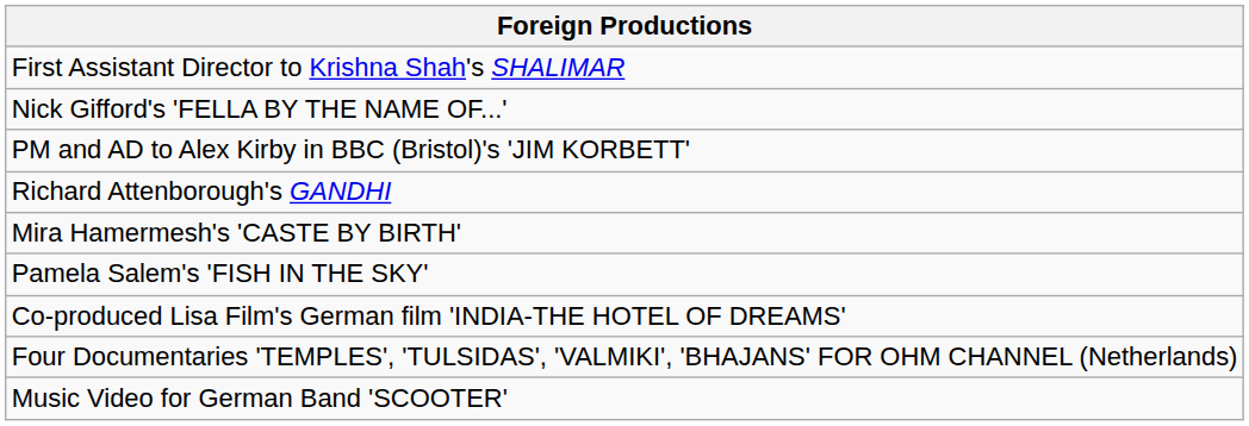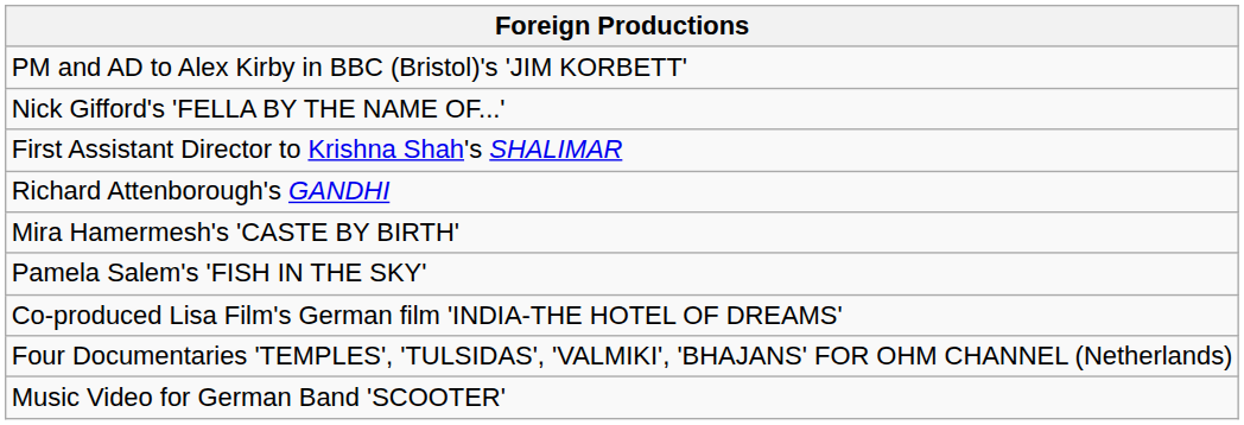 <table class="wikitable">
 <tr>
 <th><strong>Foreign Productions</strong></th>
 </tr>
 <tr>
-<td>First Assistant Director to <a href='#'>Krishna Shah</a>'s <em><a href='#'>SHALIMAR</a></em></td>
+<td>PM and AD to Alex Kirby in BBC (Bristol)'s 'JIM KORBETT'</td>
 </tr>
 <tr>
 <td>Nick Gifford's 'FELLA BY THE NAME OF...'</td>
 </tr>
 <tr>
-<td>PM and AD to Alex Kirby in BBC (Bristol)'s 'JIM KORBETT'</td>
+<td>First Assistant Director to <a href='#'>Krishna Shah</a>'s <em><a href='#'>SHALIMAR</a></em></td>
 </tr>
 <tr>
 <td>Richard Attenborough's <em><a href='#'>GANDHI</a></em></td>
 </tr>
 <tr>
 <td>Mira Hamermesh's 'CASTE BY BIRTH'</td>
 </tr>
 <tr>
 <td>Pamela Salem's 'FISH IN THE SKY'</td>
 </tr>
 <tr>
 <td>Co-produced Lisa Film's German film 'INDIA-THE HOTEL OF DREAMS'</td>
 </tr>
 <tr>
 <td>Four Documentaries 'TEMPLES', 'TULSIDAS', 'VALMIKI', 'BHAJANS' FOR OHM CHANNEL (Netherlands)</td>
 </tr>
 <tr>
 <td>Music Video for German Band 'SCOOTER'</td>
 </tr>
 </table>
